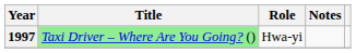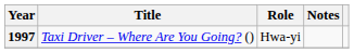 <table class="wikitable plainrowheaders sortable">
 <tr>
 <th scope="col">Year</th>
 <th scope="col">Title</th>
 <th scope="col">Role</th>
 <th scope="col" class="unsortable">Notes</th>
 <th scope="col" class="unsortable"></th>
 </tr>
 <tr>
 <th scope="row">1997</th>
-<td style="background: lightgreen;"><em><a href='#'>Taxi Driver – Where Are You Going?</a></em> ()</td>
+<td><em><a href='#'>Taxi Driver – Where Are You Going?</a></em> ()</td>
 <td>Hwa-yi</td>
 <td></td>
 <td style="text-align:center"></td>
 </tr>
 <tr>
 </tr>
 </table>
